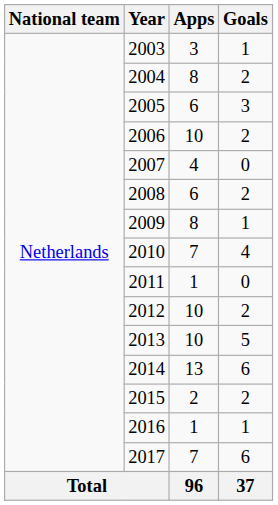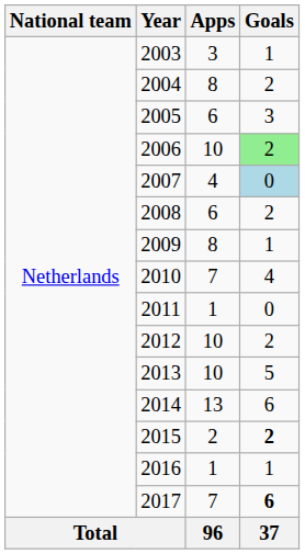 <table class="wikitable" style="text-align:center">
 <tr>
 <th>National team</th>
 <th>Year</th>
 <th>Apps</th>
 <th>Goals</th>
 </tr>
 <tr>
 <td rowspan="15"><a href='#'>Netherlands</a></td>
 <td>2003</td>
 <td>3</td>
 <td>1</td>
 </tr>
 <tr>
 <td>2004</td>
 <td>8</td>
 <td>2</td>
 </tr>
 <tr>
 <td>2005</td>
 <td>6</td>
 <td>3</td>
 </tr>
 <tr>
 <td>2006</td>
 <td>10</td>
-<td>2</td>
+<td style="background: lightgreen;">2</td>
 </tr>
 <tr>
 <td>2007</td>
 <td>4</td>
-<td>0</td>
+<td style="background: lightblue;">0</td>
 </tr>
 <tr>
 <td>2008</td>
 <td>6</td>
 <td>2</td>
 </tr>
 <tr>
 <td>2009</td>
 <td>8</td>
 <td>1</td>
 </tr>
 <tr>
 <td>2010</td>
 <td>7</td>
 <td>4</td>
 </tr>
 <tr>
 <td>2011</td>
 <td>1</td>
 <td>0</td>
 </tr>
 <tr>
 <td>2012</td>
 <td>10</td>
 <td>2</td>
 </tr>
 <tr>
 <td>2013</td>
 <td>10</td>
 <td>5</td>
 </tr>
 <tr>
 <td>2014</td>
 <td>13</td>
 <td>6</td>
 </tr>
 <tr>
 <td>2015</td>
 <td>2</td>
-<td>2</td>
+<td><strong>2</strong></td>
 </tr>
 <tr>
 <td>2016</td>
 <td>1</td>
 <td>1</td>
 </tr>
 <tr>
 <td>2017</td>
 <td>7</td>
-<td>6</td>
+<td><strong>6</strong></td>
 </tr>
 <tr>
 <th colspan="2">Total</th>
 <th>96</th>
 <th>37</th>
 </tr>
 </table>
